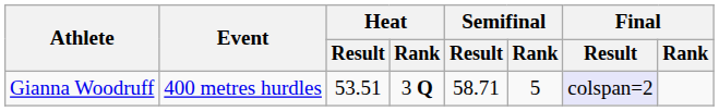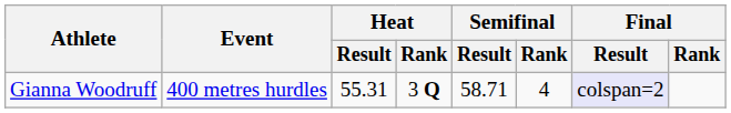 <table class="wikitable" style="font-size:90%">
 <tr>
 <th rowspan="2">Athlete</th>
 <th rowspan="2">Event</th>
 <th colspan="2">Heat</th>
 <th colspan="2">Semifinal</th>
 <th colspan="2">Final</th>
 </tr>
 <tr style="font-size:95%">
 <th>Result</th>
 <th>Rank</th>
 <th>Result</th>
 <th>Rank</th>
 <th>Result</th>
 <th>Rank</th>
 </tr>
 <tr align=center>
 <td align=left><a href='#'>Gianna Woodruff</a></td>
 <td align=left><a href='#'>400 metres hurdles</a></td>
-<td>53.51</td>
+<td>55.31</td>
 <td>3 <strong>Q</strong></td>
 <td>58.71</td>
-<td>5</td>
+<td>4</td>
 <td style="background: lavender;">colspan=2 </td>
 </tr>
 </table>
